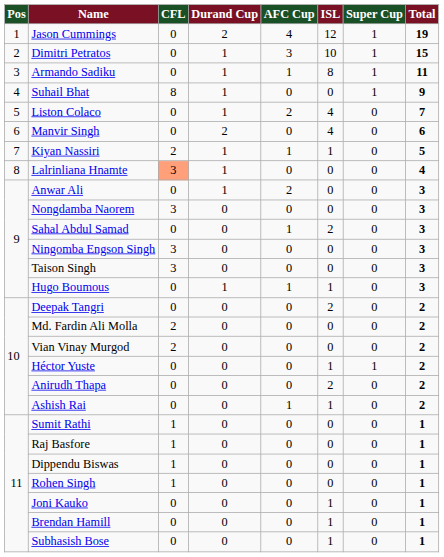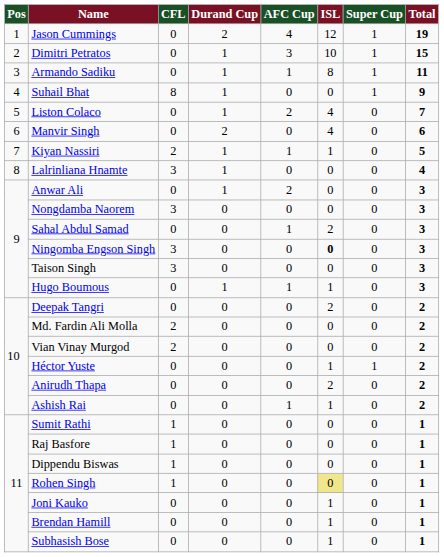 <table class="wikitable" margin-left:1em;float:center>
 <tr>
 <th style="background:#1A5026; color:white; text-align:center;">Pos</th>
 <th style="background:#7A1024; color:white; text-align:center;">Name</th>
 <th style="background:#1A5026; color:white; text-align:center;">CFL</th>
 <th style="background:#7A1024; color:white; text-align:center;">Durand Cup</th>
 <th style="background:#1A5026; color:white; text-align:center;">AFC Cup</th>
 <th style="background:#7A1024; color:white; text-align:center;">ISL</th>
 <th style="background:#1A5026; color:white; text-align:center;">Super Cup</th>
 <th style="background:#7A1024; color:white; text-align:center;">Total</th>
 </tr>
 <tr>
 <td rowspan="1"style="text-align:center">1</td>
 <td> <a href='#'>Jason Cummings</a></td>
 <td style="text-align:center">0</td>
 <td style="text-align:center">2</td>
 <td style="text-align:center">4</td>
 <td style="text-align:center">12</td>
 <td style="text-align:center">1</td>
 <td style="text-align:center"><strong>19</strong></td>
 </tr>
 <tr>
 <td rowspan="1"style="text-align:center">2</td>
 <td> <a href='#'>Dimitri Petratos</a></td>
 <td style="text-align:center">0</td>
 <td style="text-align:center">1</td>
 <td style="text-align:center">3</td>
 <td style="text-align:center">10</td>
 <td style="text-align:center">1</td>
 <td style="text-align:center"><strong>15</strong></td>
 </tr>
 <tr>
 <td rowspan="1"style="text-align:center">3</td>
 <td> <a href='#'>Armando Sadiku</a></td>
 <td style="text-align:center">0</td>
 <td style="text-align:center">1</td>
 <td style="text-align:center">1</td>
 <td style="text-align:center">8</td>
 <td style="text-align:center">1</td>
 <td style="text-align:center"><strong>11</strong></td>
 </tr>
 <tr>
 <td rowspan="1"style="text-align:center">4</td>
 <td> <a href='#'>Suhail Bhat</a></td>
 <td style="text-align:center">8</td>
 <td style="text-align:center">1</td>
 <td style="text-align:center">0</td>
 <td style="text-align:center">0</td>
 <td style="text-align:center">1</td>
 <td style="text-align:center"><strong>9</strong></td>
 </tr>
 <tr>
 <td style="text-align:center">5</td>
 <td> <a href='#'>Liston Colaco</a></td>
 <td style="text-align:center">0</td>
 <td style="text-align:center">1</td>
 <td style="text-align:center">2</td>
 <td style="text-align:center">4</td>
 <td style="text-align:center">0</td>
 <td style="text-align:center"><strong>7</strong></td>
 </tr>
 <tr>
 <td style="text-align:center">6</td>
 <td> <a href='#'>Manvir Singh</a></td>
 <td style="text-align:center">0</td>
 <td style="text-align:center">2</td>
 <td style="text-align:center">0</td>
 <td style="text-align:center">4</td>
 <td style="text-align:center">0</td>
 <td style="text-align:center"><strong>6</strong></td>
 </tr>
 <tr>
 <td style="text-align:center">7</td>
 <td> <a href='#'>Kiyan Nassiri</a></td>
 <td style="text-align:center">2</td>
 <td style="text-align:center">1</td>
 <td style="text-align:center">1</td>
 <td style="text-align:center">1</td>
 <td style="text-align:center">0</td>
 <td style="text-align:center"><strong>5</strong></td>
 </tr>
 <tr>
 <td style="text-align:center">8</td>
 <td> <a href='#'>Lalrinliana Hnamte</a></td>
-<td style="background: lightsalmon; text-align:center">3</td>
+<td style="text-align:center">3</td>
 <td style="text-align:center">1</td>
 <td style="text-align:center">0</td>
 <td style="text-align:center">0</td>
 <td style="text-align:center">0</td>
 <td style="text-align:center"><strong>4</strong></td>
 </tr>
 <tr>
 <td rowspan="6" style="text-align:center">9</td>
 <td> <a href='#'>Anwar Ali</a></td>
 <td style="text-align:center">0</td>
 <td style="text-align:center">1</td>
 <td style="text-align:center">2</td>
 <td style="text-align:center">0</td>
 <td style="text-align:center">0</td>
 <td style="text-align:center"><strong>3</strong></td>
 </tr>
 <tr>
 <td> <a href='#'>Nongdamba Naorem</a></td>
 <td style="text-align:center">3</td>
 <td style="text-align:center">0</td>
 <td style="text-align:center">0</td>
 <td style="text-align:center">0</td>
 <td style="text-align:center">0</td>
 <td style="text-align:center"><strong>3</strong></td>
 </tr>
 <tr>
 <td> <a href='#'>Sahal Abdul Samad</a></td>
 <td style="text-align:center">0</td>
 <td style="text-align:center">0</td>
 <td style="text-align:center">1</td>
 <td style="text-align:center">2</td>
 <td style="text-align:center">0</td>
 <td style="text-align:center"><strong>3</strong></td>
 </tr>
 <tr>
 <td> <a href='#'>Ningomba Engson Singh</a></td>
 <td style="text-align:center">3</td>
 <td style="text-align:center">0</td>
 <td style="text-align:center">0</td>
-<td style="text-align:center">0</td>
+<td style="text-align:center"><strong>0</strong></td>
 <td style="text-align:center">0</td>
 <td style="text-align:center"><strong>3</strong></td>
 </tr>
 <tr>
 <td> Taison Singh</td>
 <td style="text-align:center">3</td>
 <td style="text-align:center">0</td>
 <td style="text-align:center">0</td>
 <td style="text-align:center">0</td>
 <td style="text-align:center">0</td>
 <td style="text-align:center"><strong>3</strong></td>
 </tr>
 <tr>
 <td> <a href='#'>Hugo Boumous</a></td>
 <td style="text-align:center">0</td>
 <td style="text-align:center">1</td>
 <td style="text-align:center">1</td>
 <td style="text-align:center">1</td>
 <td style="text-align:center">0</td>
 <td style="text-align:center"><strong>3</strong></td>
 </tr>
 <tr>
 <td rowspan="6">10</td>
 <td> <a href='#'>Deepak Tangri</a></td>
 <td style="text-align:center">0</td>
 <td style="text-align:center">0</td>
 <td style="text-align:center">0</td>
 <td style="text-align:center">2</td>
 <td style="text-align:center">0</td>
 <td style="text-align:center"><strong>2</strong></td>
 </tr>
 <tr>
 <td> Md. Fardin Ali Molla</td>
 <td style="text-align:center">2</td>
 <td style="text-align:center">0</td>
 <td style="text-align:center">0</td>
 <td style="text-align:center">0</td>
 <td style="text-align:center">0</td>
 <td style="text-align:center"><strong>2</strong></td>
 </tr>
 <tr>
 <td> Vian Vinay Murgod</td>
 <td style="text-align:center">2</td>
 <td style="text-align:center">0</td>
 <td style="text-align:center">0</td>
 <td style="text-align:center">0</td>
 <td style="text-align:center">0</td>
 <td style="text-align:center"><strong>2</strong></td>
 </tr>
 <tr>
 <td> <a href='#'>Héctor Yuste</a></td>
 <td style="text-align:center">0</td>
 <td style="text-align:center">0</td>
 <td style="text-align:center">0</td>
 <td style="text-align:center">1</td>
 <td style="text-align:center">1</td>
 <td style="text-align:center"><strong>2</strong></td>
 </tr>
 <tr>
 <td> <a href='#'>Anirudh Thapa</a></td>
 <td style="text-align:center">0</td>
 <td style="text-align:center">0</td>
 <td style="text-align:center">0</td>
 <td style="text-align:center">2</td>
 <td style="text-align:center">0</td>
 <td style="text-align:center"><strong>2</strong></td>
 </tr>
 <tr>
 <td> <a href='#'>Ashish Rai</a></td>
 <td style="text-align:center">0</td>
 <td style="text-align:center">0</td>
 <td style="text-align:center">1</td>
 <td style="text-align:center">1</td>
 <td style="text-align:center">0</td>
 <td style="text-align:center"><strong>2</strong></td>
 </tr>
 <tr>
 <td rowspan="7" style="text-align:center">11</td>
 <td> <a href='#'>Sumit Rathi</a></td>
 <td style="text-align:center">1</td>
 <td style="text-align:center">0</td>
 <td style="text-align:center">0</td>
 <td style="text-align:center">0</td>
 <td style="text-align:center">0</td>
 <td style="text-align:center"><strong>1</strong></td>
 </tr>
 <tr>
 <td> Raj Basfore</td>
 <td style="text-align:center">1</td>
 <td style="text-align:center">0</td>
 <td style="text-align:center">0</td>
 <td style="text-align:center">0</td>
 <td style="text-align:center">0</td>
 <td style="text-align:center"><strong>1</strong></td>
 </tr>
 <tr>
 <td> Dippendu Biswas</td>
 <td style="text-align:center">1</td>
 <td style="text-align:center">0</td>
 <td style="text-align:center">0</td>
 <td style="text-align:center">0</td>
 <td style="text-align:center">0</td>
 <td style="text-align:center"><strong>1</strong></td>
 </tr>
 <tr>
 <td> <a href='#'>Rohen Singh</a></td>
 <td style="text-align:center">1</td>
 <td style="text-align:center">0</td>
 <td style="text-align:center">0</td>
-<td style="text-align:center">0</td>
+<td style="background: khaki; text-align:center">0</td>
 <td style="text-align:center">0</td>
 <td style="text-align:center"><strong>1</strong></td>
 </tr>
 <tr>
 <td> <a href='#'>Joni Kauko</a></td>
 <td style="text-align:center">0</td>
 <td style="text-align:center">0</td>
 <td style="text-align:center">0</td>
 <td style="text-align:center">1</td>
 <td style="text-align:center">0</td>
 <td style="text-align:center"><strong>1</strong></td>
 </tr>
 <tr>
 <td> <a href='#'>Brendan Hamill</a></td>
 <td style="text-align:center">0</td>
 <td style="text-align:center">0</td>
 <td style="text-align:center">0</td>
 <td style="text-align:center">1</td>
 <td style="text-align:center">0</td>
 <td style="text-align:center"><strong>1</strong></td>
 </tr>
 <tr>
 <td> <a href='#'>Subhasish Bose</a></td>
 <td style="text-align:center">0</td>
 <td style="text-align:center">0</td>
 <td style="text-align:center">0</td>
 <td style="text-align:center">1</td>
 <td style="text-align:center">0</td>
 <td style="text-align:center"><strong>1</strong></td>
 </tr>
 </table>
